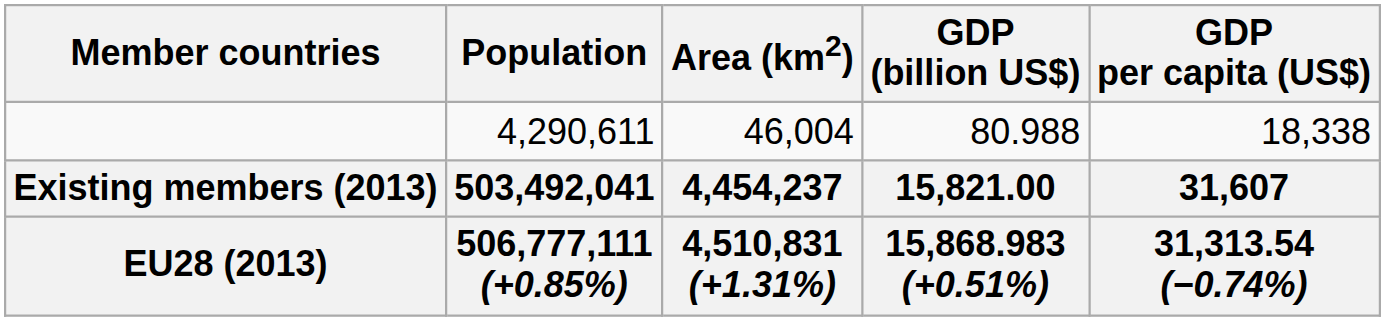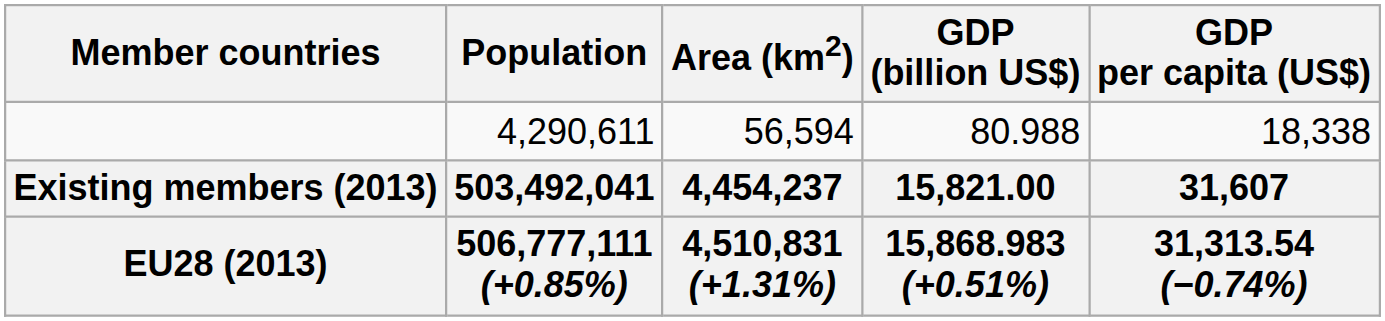 <table class="wikitable" style="text-align:right;">
 <tr>
 <th>Member countries</th>
 <th>Population</th>
 <th>Area (km<sup>2</sup>)</th>
 <th>GDP <br>(billion US$)</th>
 <th>GDP <br>per capita (US$)</th>
 </tr>
 <tr>
 <td style="text-align:left;"></td>
 <td>4,290,611</td>
-<td>46,004</td>
+<td>56,594</td>
 <td>80.988</td>
 <td>18,338</td>
 </tr>
 <tr>
 <th>Existing members (2013)</th>
 <th>503,492,041</th>
 <th>4,454,237</th>
 <th>15,821.00</th>
 <th>31,607</th>
 </tr>
 <tr>
 <th>EU28 (2013)</th>
 <th>506,777,111 <br><em>(+0.85%)</em></th>
 <th>4,510,831 <br><em>(+1.31%)</em></th>
 <th>15,868.983 <br><em>(+0.51%)</em></th>
 <th>31,313.54 <br><em>(−0.74%)</em></th>
 </tr>
 </table>
